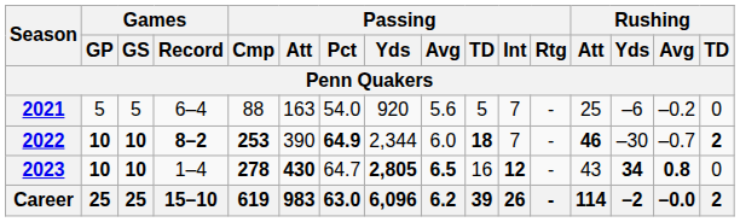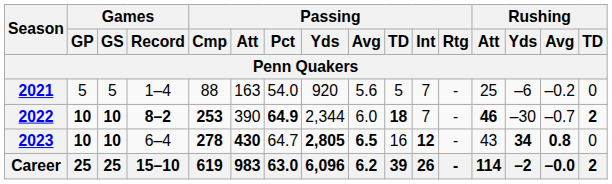 <table class="wikitable" style="text-align:center;">
 <tr>
 <th rowspan="2">Season</th>
 <th colspan="3">Games</th>
 <th colspan="8">Passing</th>
 <th colspan="4">Rushing</th>
 </tr>
 <tr>
 <th>GP</th>
 <th>GS</th>
 <th>Record</th>
 <th>Cmp</th>
 <th>Att</th>
 <th>Pct</th>
 <th>Yds</th>
 <th>Avg</th>
 <th>TD</th>
 <th>Int</th>
 <th>Rtg</th>
 <th>Att</th>
 <th>Yds</th>
 <th>Avg</th>
 <th>TD</th>
 </tr>
 <tr>
 <th colspan="16">Penn Quakers</th>
 </tr>
 <tr>
 <th><a href='#'>2021</a></th>
 <td>5</td>
 <td>5</td>
-<td>6–4</td>
+<td>1–4</td>
 <td>88</td>
 <td>163</td>
 <td>54.0</td>
 <td>920</td>
 <td>5.6</td>
 <td>5</td>
 <td>7</td>
 <td>-</td>
 <td>25</td>
 <td>–6</td>
 <td>–0.2</td>
 <td>0</td>
 </tr>
 <tr>
 <th><a href='#'>2022</a></th>
 <td><strong>10</strong></td>
 <td><strong>10</strong></td>
 <td><strong>8–2</strong></td>
 <td><strong>253</strong></td>
 <td>390</td>
 <td><strong>64.9</strong></td>
 <td>2,344</td>
 <td>6.0</td>
 <td><strong>18</strong></td>
 <td>7</td>
 <td>-</td>
 <td><strong>46</strong></td>
 <td>–30</td>
 <td>–0.7</td>
 <td><strong>2</strong></td>
 </tr>
 <tr>
 <th><a href='#'>2023</a></th>
 <td><strong>10</strong></td>
 <td><strong>10</strong></td>
-<td>1–4</td>
+<td>6–4</td>
 <td><strong>278</strong></td>
 <td><strong>430</strong></td>
 <td>64.7</td>
 <td><strong>2,805</strong></td>
 <td><strong>6.5</strong></td>
 <td>16</td>
 <td><strong>12</strong></td>
 <td>-</td>
 <td>43</td>
 <td><strong>34</strong></td>
 <td><strong>0.8</strong></td>
 <td>0</td>
 </tr>
 <tr>
 <th>Career</th>
 <th>25</th>
 <th>25</th>
 <th>15–10</th>
 <th>619</th>
 <th>983</th>
 <th>63.0</th>
 <th>6,096</th>
 <th>6.2</th>
 <th>39</th>
 <th>26</th>
 <th>-</th>
 <th>114</th>
 <th>–2</th>
 <th>–0.0</th>
 <th>2</th>
 </tr>
 </table>
